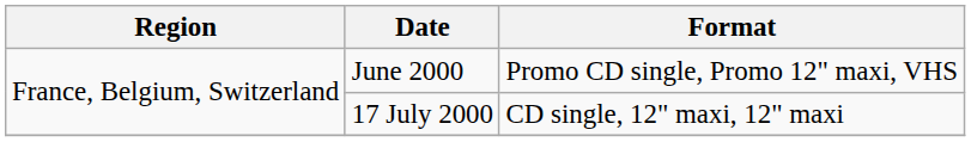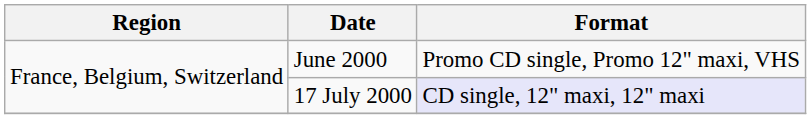 <table class="wikitable">
 <tr>
 <th>Region</th>
 <th>Date</th>
 <th>Format</th>
 </tr>
 <tr>
 <td rowspan="2">France, Belgium, Switzerland</td>
 <td>June 2000</td>
 <td>Promo CD single, Promo 12" maxi, VHS</td>
 </tr>
 <tr>
 <td>17 July 2000</td>
-<td>CD single, 12" maxi, 12" maxi</td>
+<td style="background: lavender;">CD single, 12" maxi, 12" maxi</td>
 </tr>
 <tr>
 </tr>
 </table>
